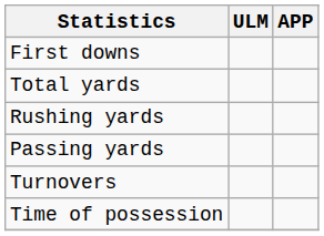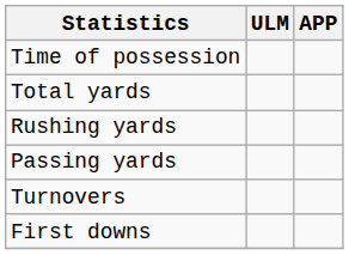 <table class="wikitable">
 <tr>
 <th>Statistics</th>
 <th>ULM</th>
 <th>APP</th>
 </tr>
 <tr>
-<td>First downs</td>
+<td>Time of possession</td>
 <td></td>
 <td></td>
 </tr>
 <tr>
 <td>Total yards</td>
 <td></td>
 <td></td>
 </tr>
 <tr>
 <td>Rushing yards</td>
 <td></td>
 <td></td>
 </tr>
 <tr>
 <td>Passing yards</td>
 <td></td>
 <td></td>
 </tr>
 <tr>
 <td>Turnovers</td>
 <td></td>
 <td></td>
 </tr>
 <tr>
-<td>Time of possession</td>
+<td>First downs</td>
 <td></td>
 <td></td>
 </tr>
 <tr>
 </tr>
 </table>
